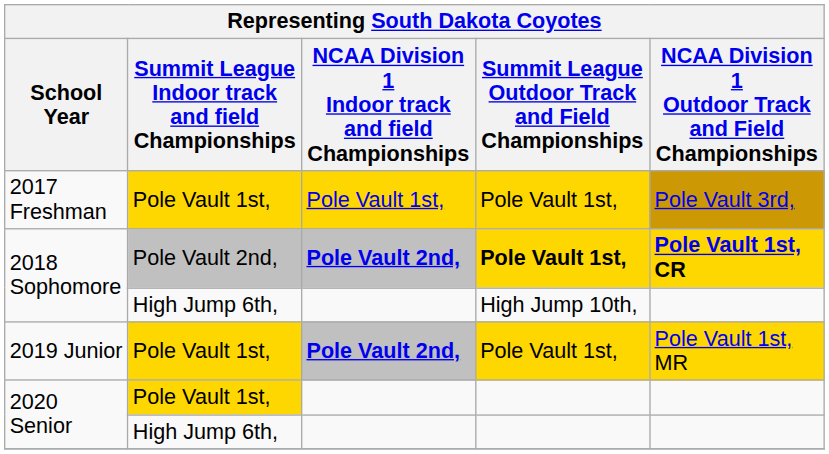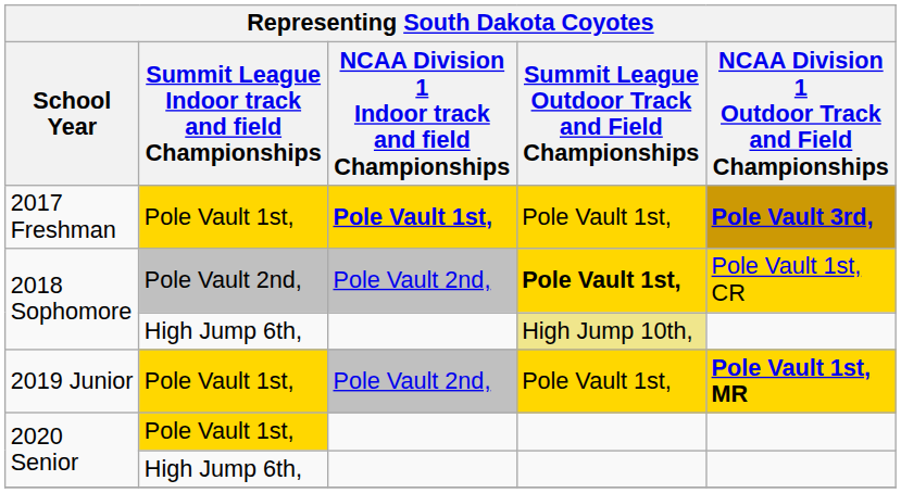 <table class="wikitable sortable">
 <tr>
 <th colspan="6">Representing <a href='#'>South Dakota Coyotes</a></th>
 </tr>
 <tr>
 <th>School Year</th>
 <th><a href='#'>Summit League</a><br><a href='#'>Indoor track and field</a><br>Championships</th>
 <th><a href='#'>NCAA Division 1</a><br><a href='#'>Indoor track and field</a><br>Championships</th>
 <th><a href='#'>Summit League</a><br><a href='#'>Outdoor Track and Field</a><br>Championships</th>
 <th><a href='#'>NCAA Division 1</a><br><a href='#'>Outdoor Track and Field</a><br>Championships</th>
 </tr>
 <tr>
 <td>2017 Freshman</td>
 <td bgcolor="gold">Pole Vault 1st, <br></td>
-<td bgcolor="gold"><a href='#'>Pole Vault 1st, <br></a></td>
+<td bgcolor="gold"><strong><a href='#'>Pole Vault 1st, <br></a></strong></td>
 <td bgcolor="gold">Pole Vault 1st, <br></td>
-<td bgcolor=cc9905><a href='#'>Pole Vault 3rd, <br></a></td>
+<td bgcolor=cc9905><strong><a href='#'>Pole Vault 3rd, <br></a></strong></td>
 </tr>
 <tr>
 <td rowspan=2>2018 Sophomore</td>
 <td bgcolor="silver">Pole Vault 2nd, <br></td>
-<td bgcolor=silver><strong><a href='#'>Pole Vault 2nd, <br></a></strong></td>
+<td bgcolor=silver><a href='#'>Pole Vault 2nd, <br></a></td>
 <td bgcolor="gold"><strong>Pole Vault 1st, <br></strong></td>
-<td bgcolor="gold"><strong><a href='#'>Pole Vault 1st, <br></a> CR</strong></td>
+<td bgcolor="gold"><a href='#'>Pole Vault 1st, <br></a> CR</td>
 </tr>
 <tr>
 <td>High Jump 6th,<br></td>
 <td></td>
-<td>High Jump 10th,<br></td>
+<td style="background: khaki;">High Jump 10th,<br></td>
 <td></td>
 </tr>
 <tr>
 <td>2019 Junior</td>
 <td bgcolor="gold">Pole Vault 1st, <br></td>
-<td bgcolor="silver"><strong><a href='#'>Pole Vault 2nd, <br></a></strong></td>
+<td bgcolor="silver"><a href='#'>Pole Vault 2nd, <br></a></td>
 <td bgcolor="gold">Pole Vault 1st, <br></td>
-<td bgcolor=gold><a href='#'>Pole Vault 1st, <br></a> MR</td>
+<td bgcolor=gold><strong><a href='#'>Pole Vault 1st, <br></a> MR</strong></td>
 </tr>
 <tr>
 <td rowspan=2>2020 Senior</td>
 <td bgcolor="gold">Pole Vault 1st, <br></td>
 <td></td>
 <td></td>
 <td></td>
 </tr>
 <tr>
 <td>High Jump 6th,<br></td>
 <td></td>
 <td></td>
 <td></td>
 </tr>
 <tr>
 </tr>
 </table>
